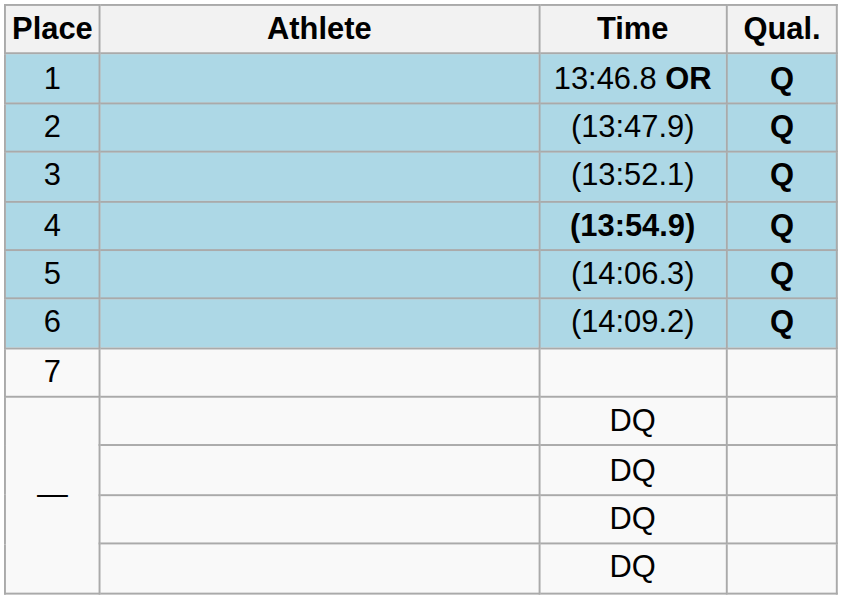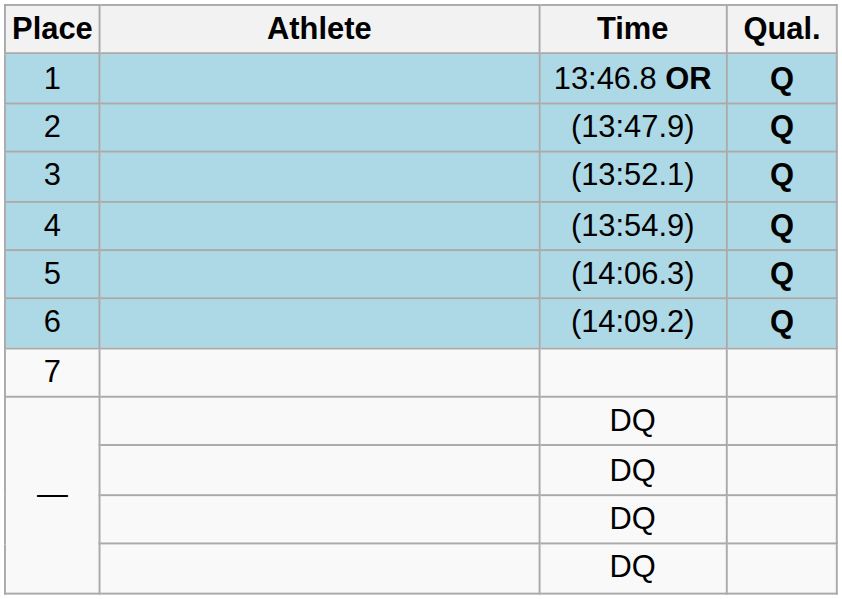 <table class=wikitable style="text-align:center">
 <tr>
 <th width=20>Place</th>
 <th width=220>Athlete</th>
 <th width=90>Time</th>
 <th width=50>Qual.</th>
 </tr>
 <tr bgcolor=lightblue>
 <td>1</td>
 <td align=left></td>
 <td>13:46.8 <strong>OR</strong></td>
 <td><strong>Q</strong></td>
 </tr>
 <tr bgcolor=lightblue>
 <td>2</td>
 <td align=left></td>
 <td>(13:47.9)</td>
 <td><strong>Q</strong></td>
 </tr>
 <tr bgcolor=lightblue>
 <td>3</td>
 <td align=left></td>
 <td>(13:52.1)</td>
 <td><strong>Q</strong></td>
 </tr>
 <tr bgcolor=lightblue>
 <td>4</td>
 <td align=left></td>
-<td><strong>(13:54.9)</strong></td>
+<td>(13:54.9)</td>
 <td><strong>Q</strong></td>
 </tr>
 <tr bgcolor=lightblue>
 <td>5</td>
 <td align=left></td>
 <td>(14:06.3)</td>
 <td><strong>Q</strong></td>
 </tr>
 <tr bgcolor=lightblue>
 <td>6</td>
 <td align=left></td>
 <td>(14:09.2)</td>
 <td><strong>Q</strong></td>
 </tr>
 <tr>
 <td>7</td>
 <td align=left></td>
 <td></td>
 <td></td>
 </tr>
 <tr>
 <td rowspan=4>—</td>
 <td align=left></td>
 <td>DQ</td>
 <td></td>
 </tr>
 <tr>
 <td align=left></td>
 <td>DQ</td>
 <td></td>
 </tr>
 <tr>
 <td align=left></td>
 <td>DQ</td>
 <td></td>
 </tr>
 <tr>
 <td align=left></td>
 <td>DQ</td>
 <td></td>
 </tr>
 </table>
